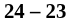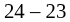 <table style="text-align:center">
 <tr>
 <th width=200></th>
 <th width=100></th>
 <th width=200></th>
 </tr>
 <tr>
 <td align=right><strong></strong></td>
-<td><strong>24 – 23</strong></td>
+<td>24 – 23</td>
 <td align=left></td>
 </tr>
 </table>
